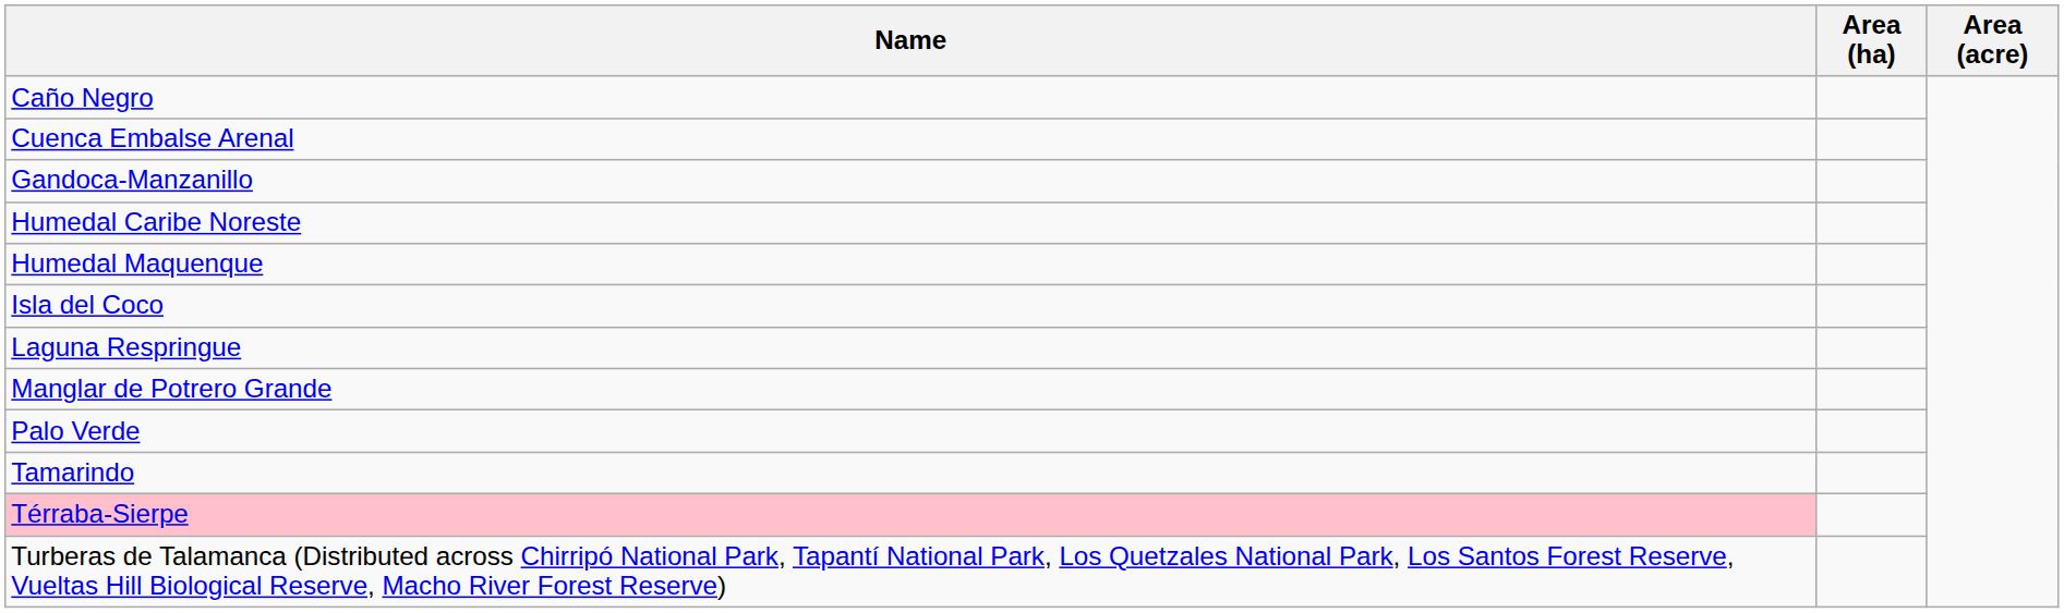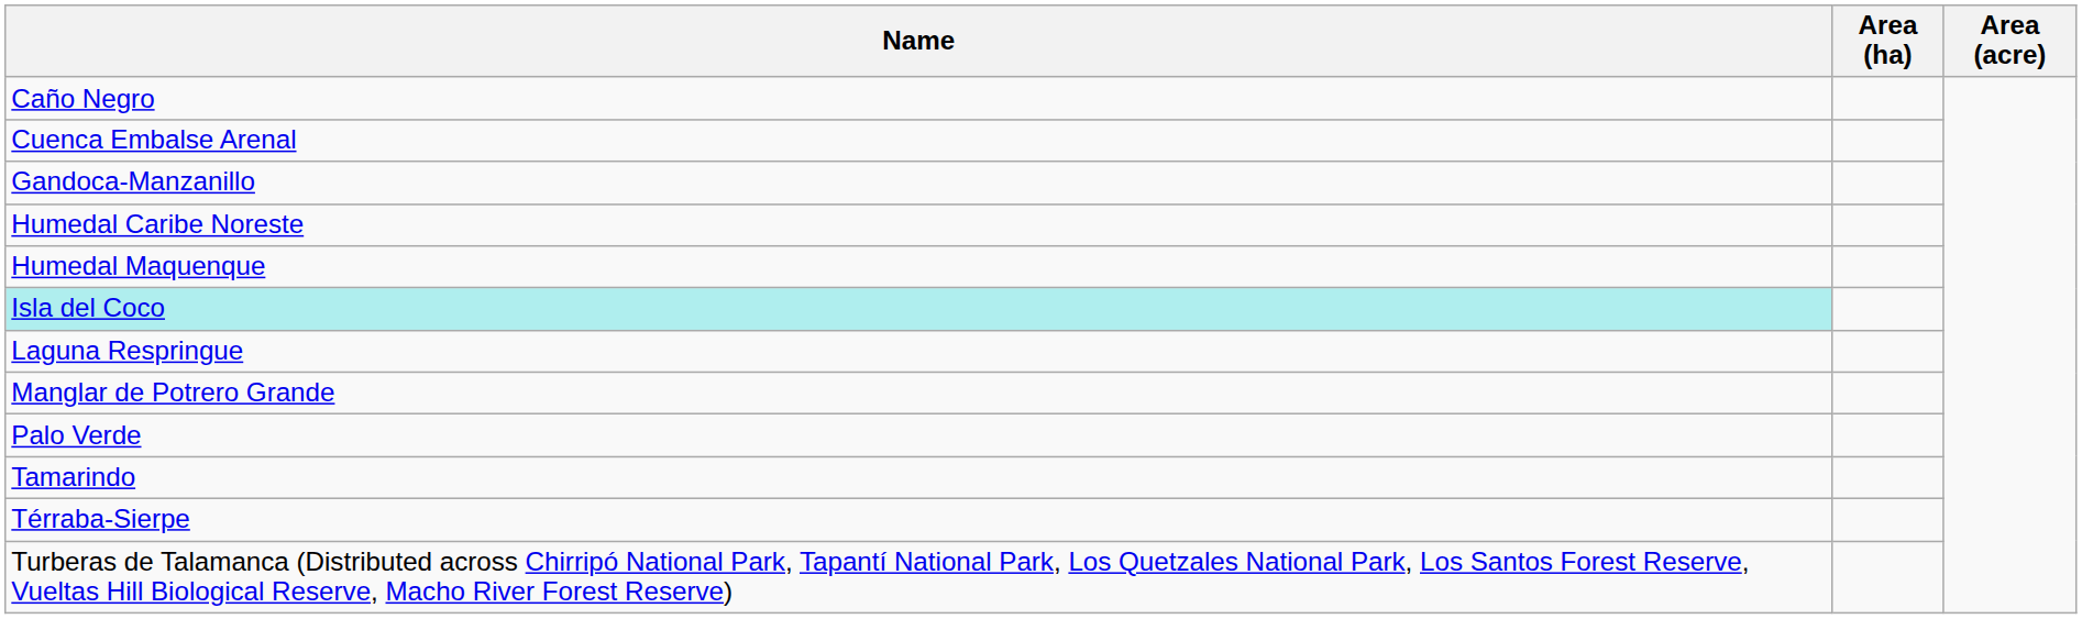 <table class="wikitable sortable">
 <tr>
 <th scope="col" align=left>Name</th>
 <th scope="col">Area (ha)</th>
 <th scope="col">Area (acre)</th>
 </tr>
 <tr ---->
 <td><a href='#'>Caño Negro</a></td>
 <td></td>
 </tr>
 <tr ---->
 <td><a href='#'>Cuenca Embalse Arenal</a></td>
 <td></td>
 </tr>
 <tr ---->
 <td><a href='#'>Gandoca-Manzanillo</a></td>
 <td></td>
 </tr>
 <tr ---->
 <td><a href='#'>Humedal Caribe Noreste</a></td>
 <td></td>
 </tr>
 <tr ---->
 <td><a href='#'>Humedal Maquenque</a></td>
 <td></td>
 </tr>
 <tr ---->
-<td><a href='#'>Isla del Coco</a></td>
+<td style="background: paleturquoise;"><a href='#'>Isla del Coco</a></td>
 <td></td>
 </tr>
 <tr ---->
 <td><a href='#'>Laguna Respringue</a></td>
 <td></td>
 </tr>
 <tr ---->
 <td><a href='#'>Manglar de Potrero Grande</a></td>
 <td></td>
 </tr>
 <tr ---->
 <td><a href='#'>Palo Verde</a></td>
 <td></td>
 </tr>
 <tr ---->
 <td><a href='#'>Tamarindo</a></td>
 <td></td>
 </tr>
 <tr ---->
-<td style="background: pink;"><a href='#'>Térraba-Sierpe</a></td>
+<td><a href='#'>Térraba-Sierpe</a></td>
 <td></td>
 </tr>
 <tr ---->
 <td>Turberas de Talamanca (Distributed across <a href='#'>Chirripó National Park</a>, <a href='#'>Tapantí National Park</a>, <a href='#'>Los Quetzales National Park</a>, <a href='#'>Los Santos Forest Reserve</a>, <a href='#'>Vueltas Hill Biological Reserve</a>, <a href='#'>Macho River Forest Reserve</a>)</td>
 <td></td>
 </tr>
 </table>
